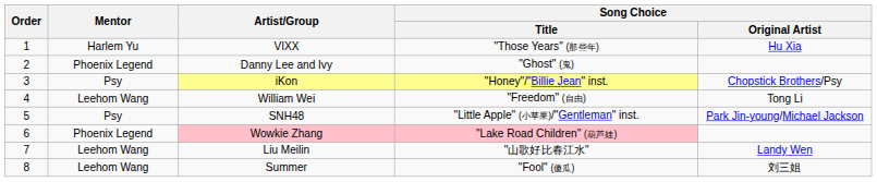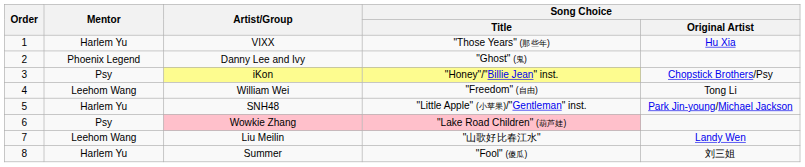 <table class="wikitable" style="text-align:center; line-height:17px; font-size:100%; width:100%;">
 <tr>
 <th scope="col" rowspan="2" width="05%">Order</th>
 <th scope="col" rowspan="2" width="15%">Mentor</th>
 <th scope="col" rowspan="2" width="25%">Artist/Group</th>
 <th scope="col" colspan="2">Song Choice</th>
 </tr>
 <tr>
 <th scope="col" width="35%">Title</th>
 <th scope="col" width="20%">Original Artist</th>
 </tr>
 <tr>
 <td scope="row">1</td>
 <td scope="row">Harlem Yu</td>
 <td scope="row">VIXX</td>
 <td scope="row">"Those Years" <small>(那些年)</small></td>
 <td scope="row"><a href='#'>Hu Xia</a></td>
 </tr>
 <tr>
 <td scope="row">2</td>
 <td scope="row">Phoenix Legend</td>
 <td scope="row">Danny Lee and Ivy</td>
 <td scope="row">"Ghost" <small>(鬼)</small></td>
 <td scope="row"></td>
 </tr>
 <tr>
 <td scope="row">3</td>
 <td scope="row">Psy</td>
 <td style="background:#fdfc8f; scope:row">iKon</td>
 <td style="background:#fdfc8f; scope:row">"Honey"/"<a href='#'>Billie Jean</a>" inst.</td>
 <td scope="row"><a href='#'>Chopstick Brothers</a>/Psy</td>
 </tr>
 <tr>
 <td scope="row">4</td>
 <td scope="row">Leehom Wang</td>
 <td scope="row">William Wei</td>
 <td scope="row">"Freedom" <small>(自由)</small></td>
 <td scope="row">Tong Li</td>
 </tr>
 <tr>
 <td scope="row">5</td>
-<td scope="row">Psy</td>
+<td scope="row">Harlem Yu</td>
 <td scope="row">SNH48</td>
 <td scope="row">"Little Apple" <small>(小苹果)</small>/"<a href='#'>Gentleman</a>" inst.</td>
 <td scope="row"><a href='#'>Park Jin-young</a>/<a href='#'>Michael Jackson</a></td>
 </tr>
 <tr>
 <td scope="row">6</td>
-<td scope="row">Phoenix Legend</td>
+<td scope="row">Psy</td>
 <td style="background:pink; scope:row">Wowkie Zhang</td>
 <td style="background:pink; scope:row">"Lake Road Children" <small>(葫芦娃)</small></td>
 <td scope="row"></td>
 </tr>
 <tr>
 <td scope="row">7</td>
 <td scope="row">Leehom Wang</td>
 <td scope="row">Liu Meilin</td>
 <td scope="row">"山歌好比春江水"</td>
 <td scope="row"><a href='#'>Landy Wen</a></td>
 </tr>
 <tr>
 <td scope="row">8</td>
-<td scope="row">Leehom Wang</td>
+<td scope="row">Harlem Yu</td>
 <td scope="row">Summer</td>
 <td scope="row">"Fool" <small>(傻瓜)</small></td>
 <td scope="row">刘三姐</td>
 </tr>
 </table>
